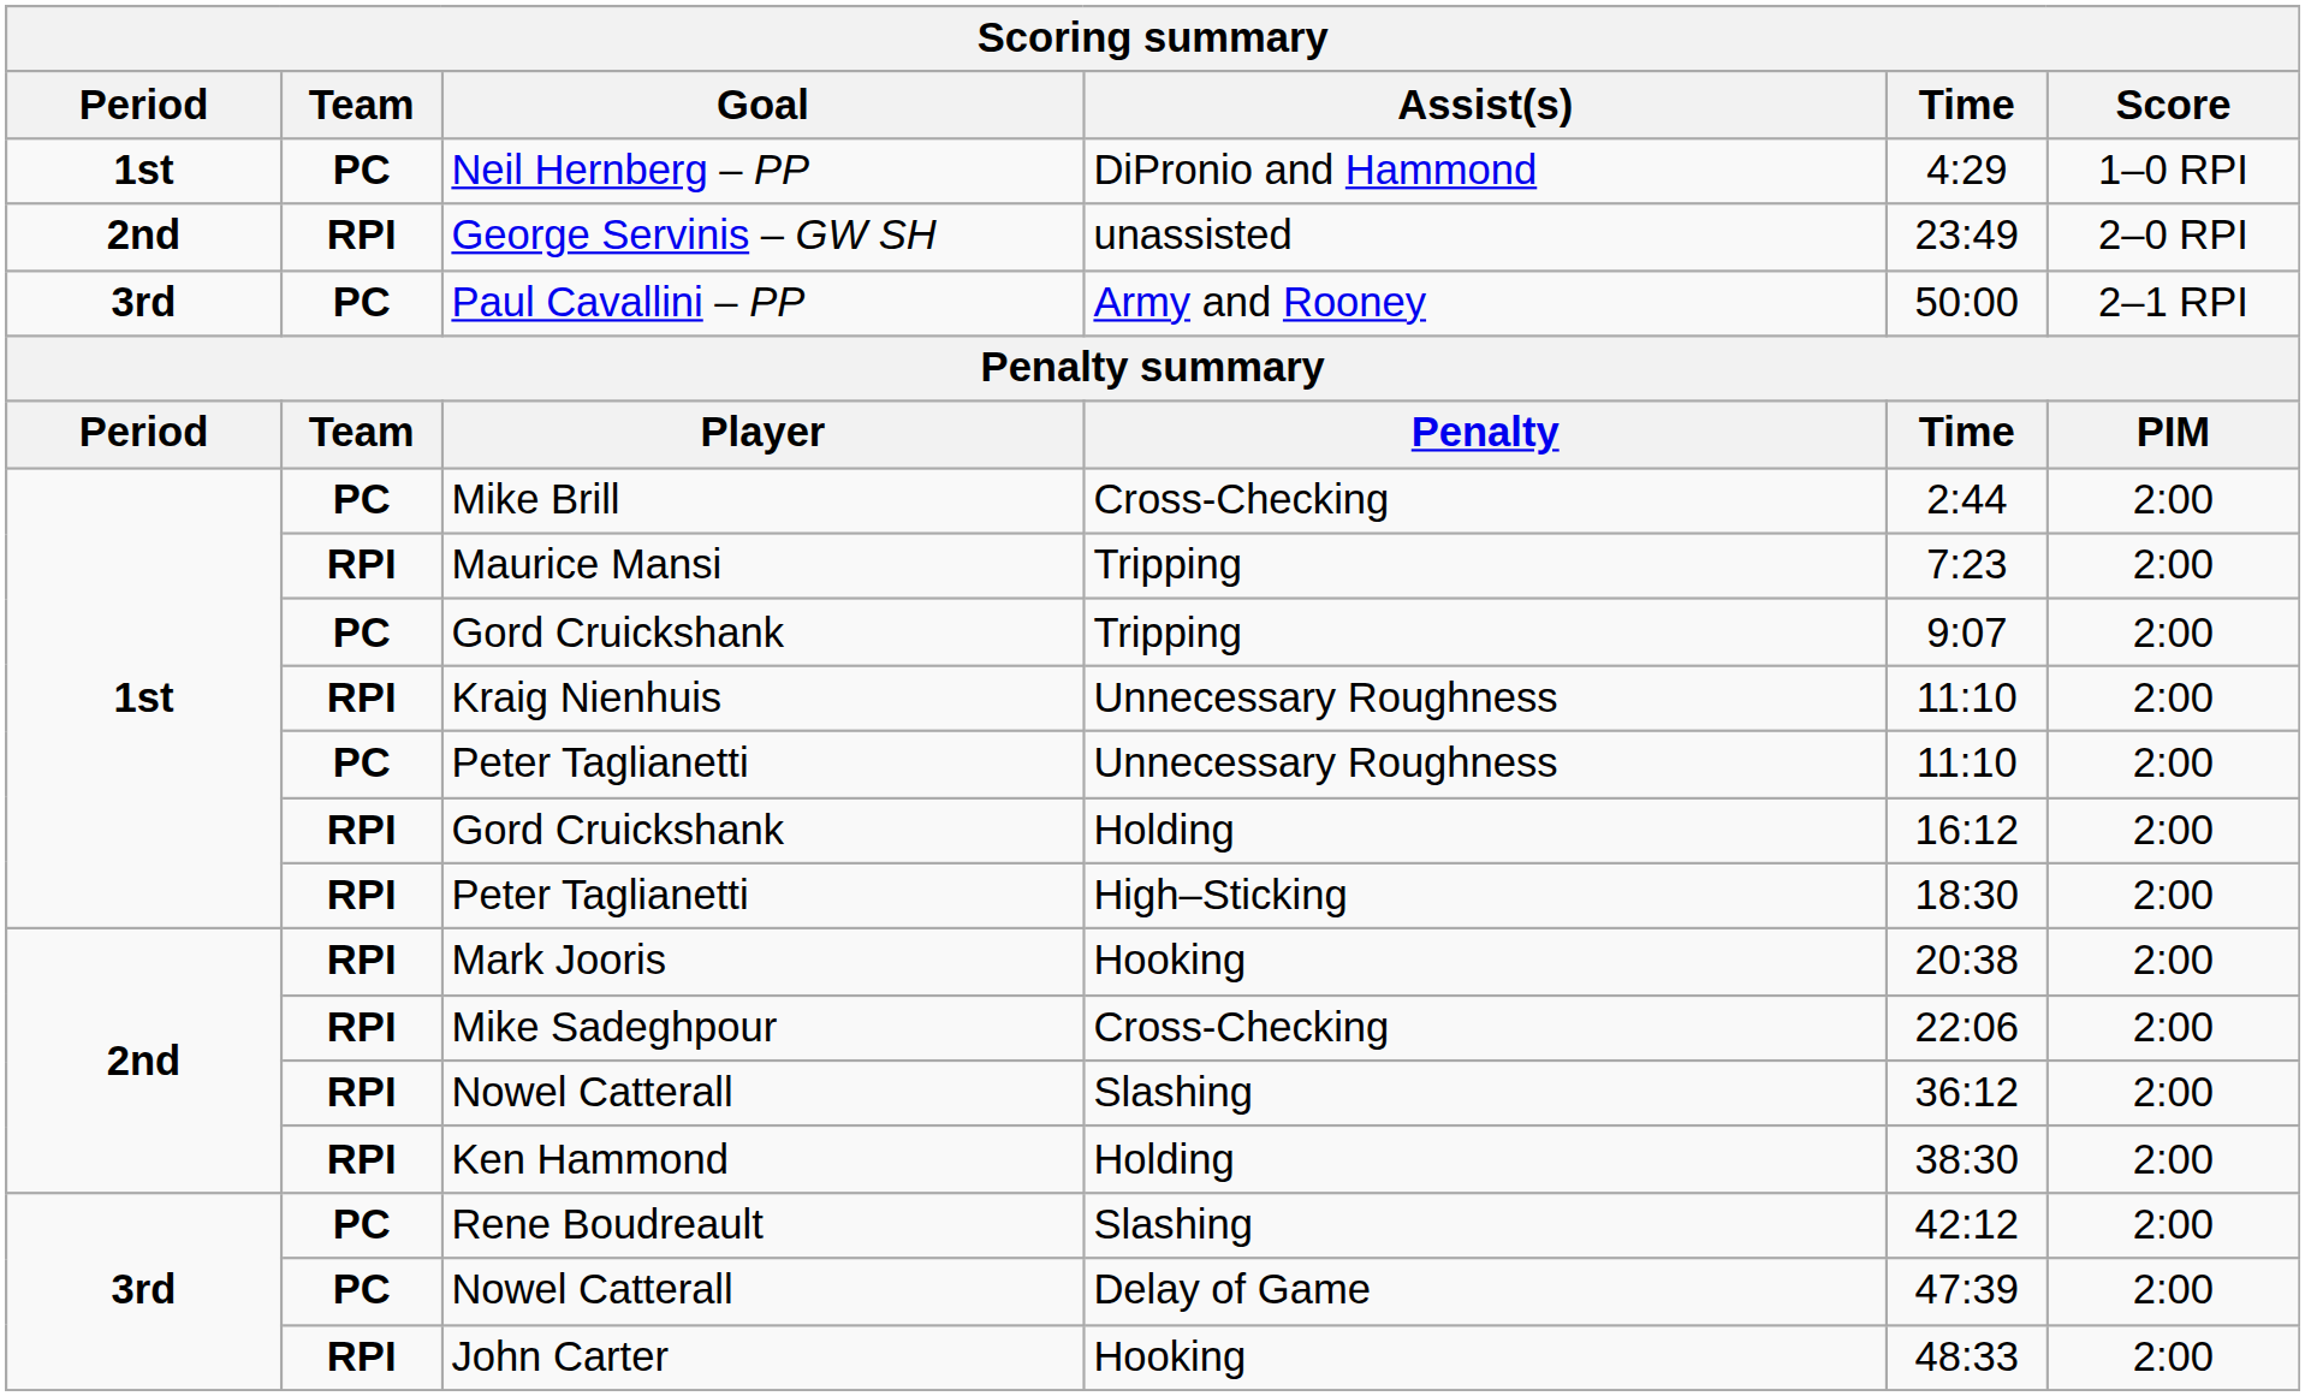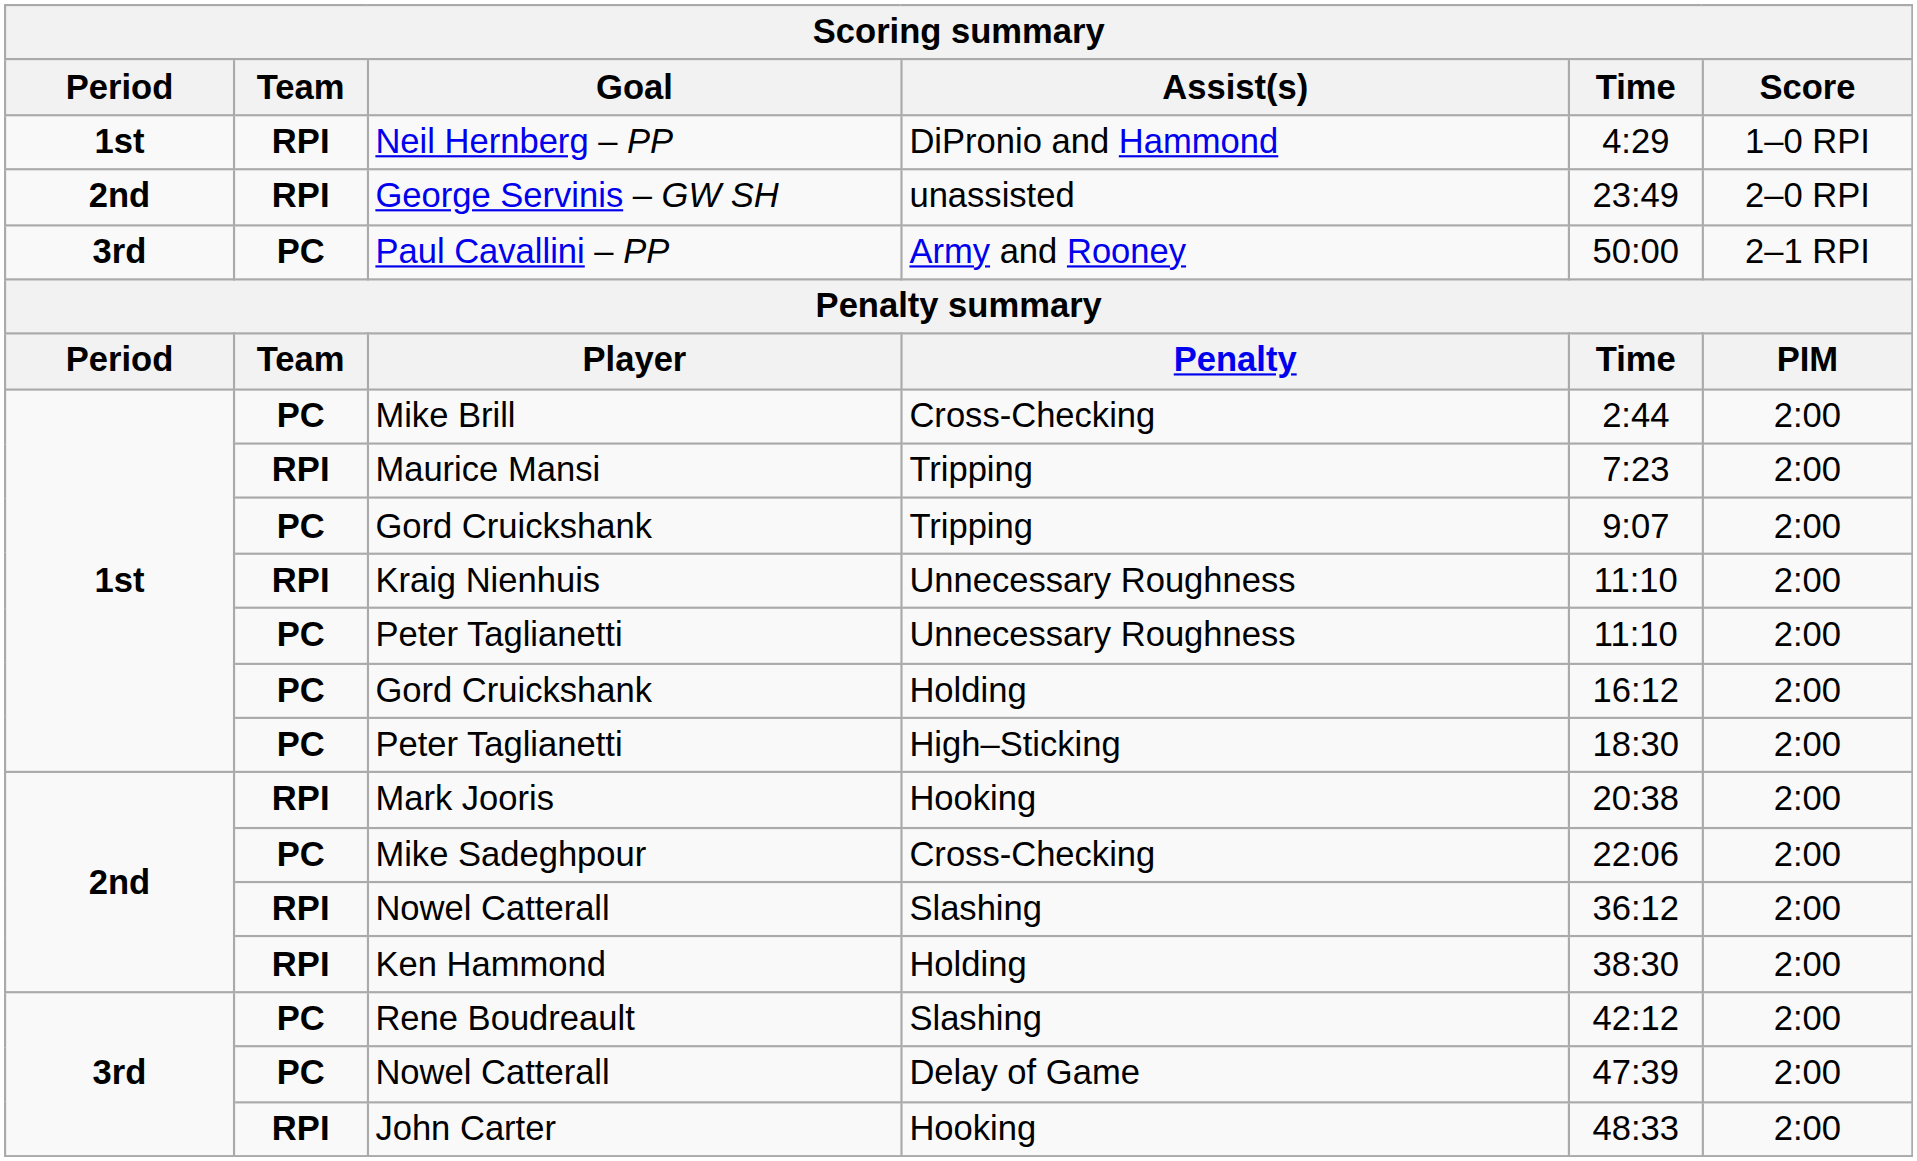 <table style="width:100%;" class="wikitable">
 <tr>
 <th colspan=6>Scoring summary</th>
 </tr>
 <tr>
 <th style="width:12%;">Period</th>
 <th style="width:7%;">Team</th>
 <th style="width:28%;">Goal</th>
 <th style="width:35%;">Assist(s)</th>
 <th style="width:7%;">Time</th>
 <th style="width:11%;">Score</th>
 </tr>
 <tr>
 <td style="text-align:center;" rowspan="1"><strong>1st</strong></td>
-<td align=center><strong>PC</strong></td>
+<td align=center><strong>RPI</strong></td>
 <td><a href='#'>Neil Hernberg</a> – <em>PP</em></td>
 <td>DiPronio and <a href='#'>Hammond</a></td>
 <td align=center>4:29</td>
 <td align=center>1–0 RPI</td>
 </tr>
 <tr>
 <td style="text-align:center;" rowspan="1"><strong>2nd</strong></td>
 <td align=center><strong>RPI</strong></td>
 <td><a href='#'>George Servinis</a> – <em>GW SH</em></td>
 <td>unassisted</td>
 <td align=center>23:49</td>
 <td align=center>2–0 RPI</td>
 </tr>
 <tr>
 <td style="text-align:center;" rowspan="1"><strong>3rd</strong></td>
 <td align=center><strong>PC</strong></td>
 <td><a href='#'>Paul Cavallini</a> – <em>PP</em></td>
 <td><a href='#'>Army</a> and <a href='#'>Rooney</a></td>
 <td align=center>50:00</td>
 <td align=center>2–1 RPI</td>
 </tr>
 <tr>
 <th colspan=6>Penalty summary</th>
 </tr>
 <tr>
 <th style="width:12%;">Period</th>
 <th style="width:7%;">Team</th>
 <th style="width:28%;">Player</th>
 <th style="width:35%;"><a href='#'>Penalty</a></th>
 <th style="width:7%;">Time</th>
 <th style="width:11%;">PIM</th>
 </tr>
 <tr>
 <td style="text-align:center;" rowspan="7"><strong>1st</strong></td>
 <td align=center><strong>PC</strong></td>
 <td>Mike Brill</td>
 <td>Cross-Checking</td>
 <td align=center>2:44</td>
 <td align=center>2:00</td>
 </tr>
 <tr>
 <td align=center><strong>RPI</strong></td>
 <td>Maurice Mansi</td>
 <td>Tripping</td>
 <td align=center>7:23</td>
 <td align=center>2:00</td>
 </tr>
 <tr>
 <td align=center><strong>PC</strong></td>
 <td>Gord Cruickshank</td>
 <td>Tripping</td>
 <td align=center>9:07</td>
 <td align=center>2:00</td>
 </tr>
 <tr>
 <td align=center><strong>RPI</strong></td>
 <td>Kraig Nienhuis</td>
 <td>Unnecessary Roughness</td>
 <td align=center>11:10</td>
 <td align=center>2:00</td>
 </tr>
 <tr>
 <td align=center><strong>PC</strong></td>
 <td>Peter Taglianetti</td>
 <td>Unnecessary Roughness</td>
 <td align=center>11:10</td>
 <td align=center>2:00</td>
 </tr>
 <tr>
-<td align=center><strong>RPI</strong></td>
+<td align=center><strong>PC</strong></td>
 <td>Gord Cruickshank</td>
 <td>Holding</td>
 <td align=center>16:12</td>
 <td align=center>2:00</td>
 </tr>
 <tr>
-<td align=center><strong>RPI</strong></td>
+<td align=center><strong>PC</strong></td>
 <td>Peter Taglianetti</td>
 <td>High–Sticking</td>
 <td align=center>18:30</td>
 <td align=center>2:00</td>
 </tr>
 <tr>
 <td style="text-align:center;" rowspan="4"><strong>2nd</strong></td>
 <td align=center><strong>RPI</strong></td>
 <td>Mark Jooris</td>
 <td>Hooking</td>
 <td align=center>20:38</td>
 <td align=center>2:00</td>
 </tr>
 <tr>
-<td align=center><strong>RPI</strong></td>
+<td align=center><strong>PC</strong></td>
 <td>Mike Sadeghpour</td>
 <td>Cross-Checking</td>
 <td align=center>22:06</td>
 <td align=center>2:00</td>
 </tr>
 <tr>
 <td align=center><strong>RPI</strong></td>
 <td>Nowel Catterall</td>
 <td>Slashing</td>
 <td align=center>36:12</td>
 <td align=center>2:00</td>
 </tr>
 <tr>
 <td align=center><strong>RPI</strong></td>
 <td>Ken Hammond</td>
 <td>Holding</td>
 <td align=center>38:30</td>
 <td align=center>2:00</td>
 </tr>
 <tr>
 <td style="text-align:center;" rowspan="3"><strong>3rd</strong></td>
 <td align=center><strong>PC</strong></td>
 <td>Rene Boudreault</td>
 <td>Slashing</td>
 <td align=center>42:12</td>
 <td align=center>2:00</td>
 </tr>
 <tr>
 <td align=center><strong>PC</strong></td>
 <td>Nowel Catterall</td>
 <td>Delay of Game</td>
 <td align=center>47:39</td>
 <td align=center>2:00</td>
 </tr>
 <tr>
 <td align=center><strong>RPI</strong></td>
 <td>John Carter</td>
 <td>Hooking</td>
 <td align=center>48:33</td>
 <td align=center>2:00</td>
 </tr>
 <tr>
 </tr>
 </table>
